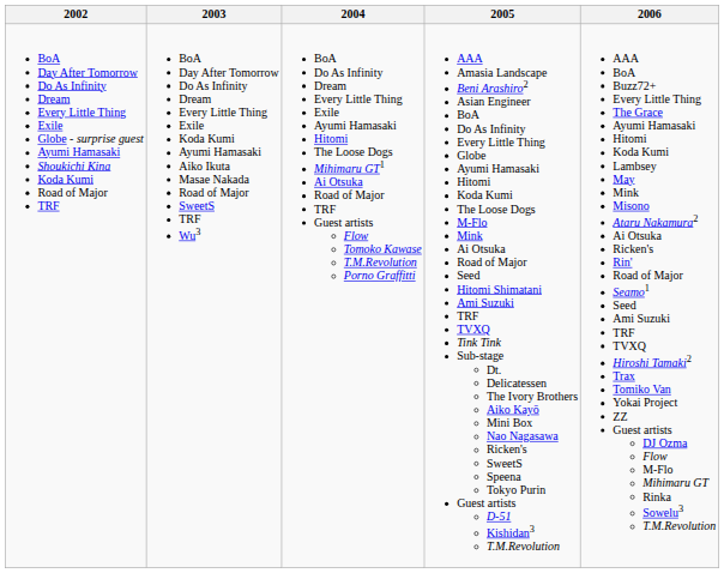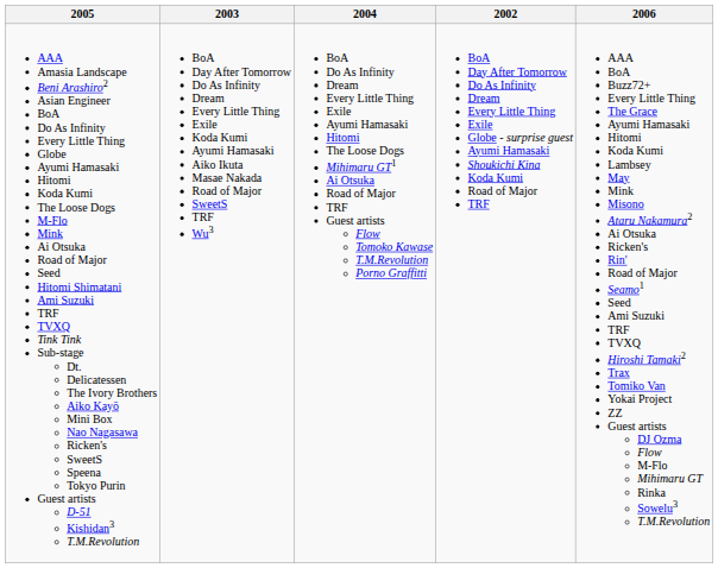 <table class="wikitable">
 <tr>
-<th>2002</th>
+<th>2005</th>
 <th>2003</th>
 <th>2004</th>
-<th>2005</th>
+<th>2002</th>
 <th>2006</th>
 </tr>
 <tr valign="top">
-<td><br><ul><li><a href='#'>BoA</a></li><li><a href='#'>Day After Tomorrow</a></li><li><a href='#'>Do As Infinity</a></li><li><a href='#'>Dream</a></li><li><a href='#'>Every Little Thing</a></li><li><a href='#'>Exile</a></li><li><a href='#'>Globe</a> - <em>surprise guest</em></li><li><a href='#'>Ayumi Hamasaki</a></li><li><em><a href='#'>Shoukichi Kina</a></em></li><li><a href='#'>Koda Kumi</a></li><li>Road of Major</li><li><a href='#'>TRF</a></li></ul></td>
+<td><br><ul><li><a href='#'>AAA</a></li><li>Amasia Landscape</li><li><em><a href='#'>Beni Arashiro</a></em><sup>2</sup></li><li>Asian Engineer</li><li>BoA</li><li>Do As Infinity</li><li>Every Little Thing</li><li>Globe</li><li>Ayumi Hamasaki</li><li>Hitomi</li><li>Koda Kumi</li><li>The Loose Dogs</li><li><a href='#'>M-Flo</a></li><li><a href='#'>Mink</a></li><li>Ai Otsuka</li><li>Road of Major</li><li>Seed</li><li><a href='#'>Hitomi Shimatani</a></li><li><a href='#'>Ami Suzuki</a></li><li>TRF</li><li><a href='#'>TVXQ</a></li><li><em>Tink Tink</em></li><li>Sub-stage<ul><li>Dt.</li><li>Delicatessen</li><li>The Ivory Brothers</li><li><a href='#'>Aiko Kayō</a></li><li>Mini Box</li><li><a href='#'>Nao Nagasawa</a></li><li>Ricken's</li><li>SweetS</li><li>Speena</li><li>Tokyo Purin</li></ul></li><li>Guest artists<ul><li><em><a href='#'>D-51</a></em></li><li><a href='#'>Kishidan</a><sup>3</sup></li><li><em>T.M.Revolution</em></li></ul></li></ul></td>
 <td><br><ul><li>BoA</li><li>Day After Tomorrow</li><li>Do As Infinity</li><li>Dream</li><li>Every Little Thing</li><li>Exile</li><li>Koda Kumi</li><li>Ayumi Hamasaki</li><li>Aiko Ikuta</li><li>Masae Nakada</li><li>Road of Major</li><li><a href='#'>SweetS</a></li><li>TRF</li><li><a href='#'>Wu</a><sup>3</sup></li></ul></td>
 <td><br><ul><li>BoA</li><li>Do As Infinity</li><li>Dream</li><li>Every Little Thing</li><li>Exile</li><li>Ayumi Hamasaki</li><li><a href='#'>Hitomi</a></li><li>The Loose Dogs</li><li><em><a href='#'>Mihimaru GT</a></em><sup>1</sup></li><li><a href='#'>Ai Otsuka</a></li><li>Road of Major</li><li>TRF</li><li>Guest artists<ul><li><em><a href='#'>Flow</a></em></li><li><em><a href='#'>Tomoko Kawase</a></em></li><li><em><a href='#'>T.M.Revolution</a></em></li><li><em><a href='#'>Porno Graffitti</a></em></li></ul></li></ul></td>
-<td><br><ul><li><a href='#'>AAA</a></li><li>Amasia Landscape</li><li><em><a href='#'>Beni Arashiro</a></em><sup>2</sup></li><li>Asian Engineer</li><li>BoA</li><li>Do As Infinity</li><li>Every Little Thing</li><li>Globe</li><li>Ayumi Hamasaki</li><li>Hitomi</li><li>Koda Kumi</li><li>The Loose Dogs</li><li><a href='#'>M-Flo</a></li><li><a href='#'>Mink</a></li><li>Ai Otsuka</li><li>Road of Major</li><li>Seed</li><li><a href='#'>Hitomi Shimatani</a></li><li><a href='#'>Ami Suzuki</a></li><li>TRF</li><li><a href='#'>TVXQ</a></li><li><em>Tink Tink</em></li><li>Sub-stage<ul><li>Dt.</li><li>Delicatessen</li><li>The Ivory Brothers</li><li><a href='#'>Aiko Kayō</a></li><li>Mini Box</li><li><a href='#'>Nao Nagasawa</a></li><li>Ricken's</li><li>SweetS</li><li>Speena</li><li>Tokyo Purin</li></ul></li><li>Guest artists<ul><li><em><a href='#'>D-51</a></em></li><li><a href='#'>Kishidan</a><sup>3</sup></li><li><em>T.M.Revolution</em></li></ul></li></ul></td>
+<td><br><ul><li><a href='#'>BoA</a></li><li><a href='#'>Day After Tomorrow</a></li><li><a href='#'>Do As Infinity</a></li><li><a href='#'>Dream</a></li><li><a href='#'>Every Little Thing</a></li><li><a href='#'>Exile</a></li><li><a href='#'>Globe</a> - <em>surprise guest</em></li><li><a href='#'>Ayumi Hamasaki</a></li><li><em><a href='#'>Shoukichi Kina</a></em></li><li><a href='#'>Koda Kumi</a></li><li>Road of Major</li><li><a href='#'>TRF</a></li></ul></td>
 <td><br><ul><li>AAA</li><li>BoA</li><li>Buzz72+</li><li>Every Little Thing</li><li><a href='#'>The Grace</a></li><li>Ayumi Hamasaki</li><li>Hitomi</li><li>Koda Kumi</li><li>Lambsey</li><li><a href='#'>May</a></li><li>Mink</li><li><a href='#'>Misono</a></li><li><em><a href='#'>Ataru Nakamura</a></em><sup>2</sup></li><li>Ai Otsuka</li><li>Ricken's</li><li><a href='#'>Rin'</a></li><li>Road of Major</li><li><em><a href='#'>Seamo</a></em><sup>1</sup></li><li>Seed</li><li>Ami Suzuki</li><li>TRF</li><li>TVXQ</li><li><em><a href='#'>Hiroshi Tamaki</a></em><sup>2</sup></li><li><a href='#'>Trax</a></li><li><a href='#'>Tomiko Van</a></li><li>Yokai Project</li><li>ZZ</li><li>Guest artists<ul><li><a href='#'>DJ Ozma</a></li><li><em>Flow</em></li><li>M-Flo</li><li><em>Mihimaru GT</em></li><li>Rinka</li><li><a href='#'>Sowelu</a><sup>3</sup></li><li><em>T.M.Revolution</em></li></ul></li></ul></td>
 </tr>
 </table>
